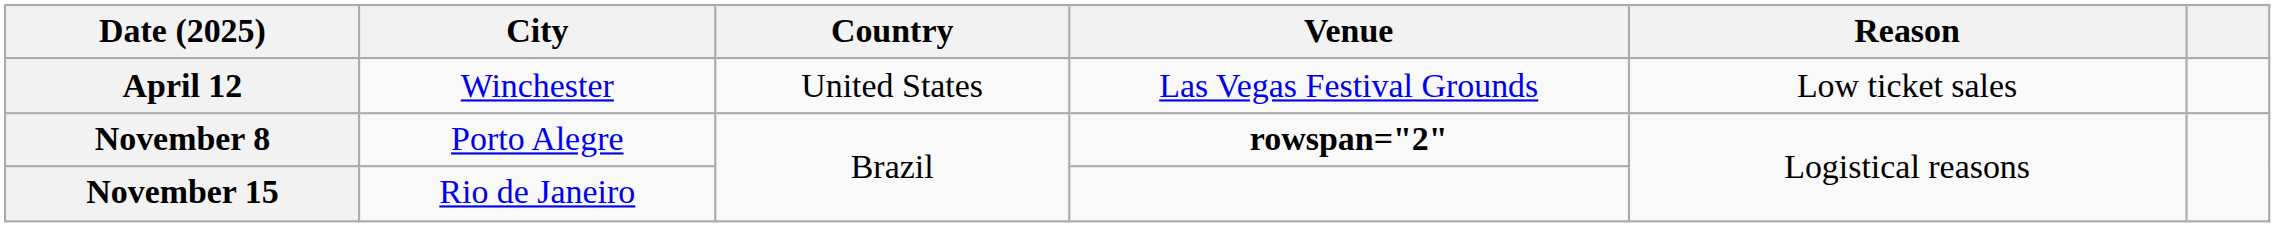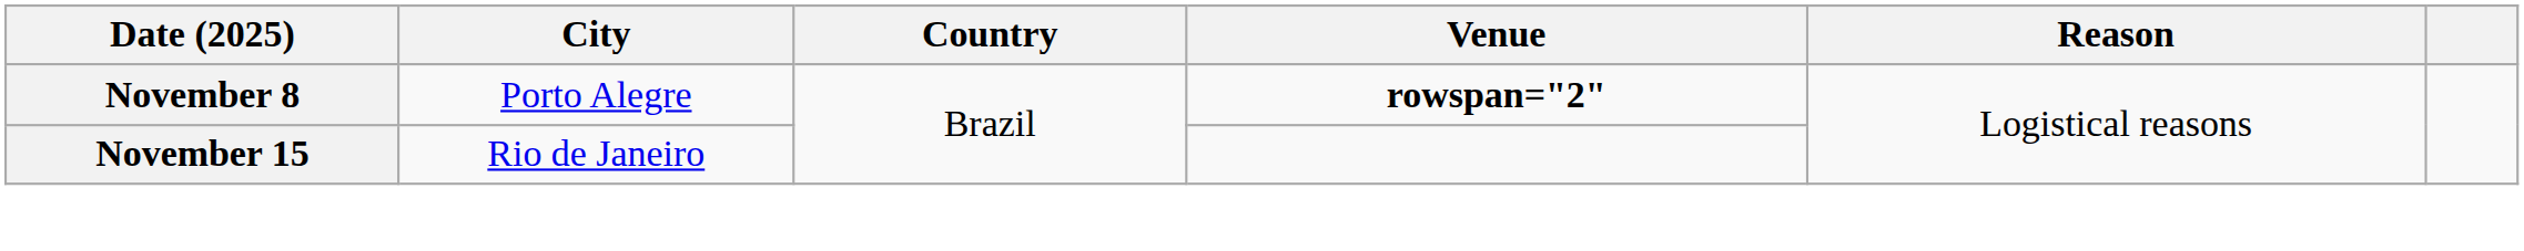 <table class="wikitable plainrowheaders" style="text-align:center;">
 <tr>
 <th scope="col" style="width:10em;">Date (2025)</th>
 <th scope="col" style="width:10em;">City</th>
 <th scope="col" style="width:10em;">Country</th>
 <th scope="col" style="width:16em;">Venue</th>
 <th scope="col" style="width:16em;">Reason</th>
 <th scope="col" style="width:2em;"></th>
-</tr>
-<tr>
-<th scope="row" style="text-align:center;">April 12</th>
-<td><a href='#'>Winchester</a></td>
-<td>United States</td>
-<td><a href='#'>Las Vegas Festival Grounds</a></td>
-<td>Low ticket sales</td>
-<td style="text-align:center;"></td>
 </tr>
 <tr>
 <th scope="row" style="text-align:center;">November 8</th>
 <td><a href='#'>Porto Alegre</a></td>
 <td rowspan="2">Brazil</td>
 <td><strong>rowspan="2" </strong></td>
 <td rowspan="2">Logistical reasons</td>
 <td rowspan="2"></td>
 </tr>
 <tr>
 <th scope="row" style="text-align:center;">November 15</th>
 <td><a href='#'>Rio de Janeiro</a></td>
 </tr>
 </table>
